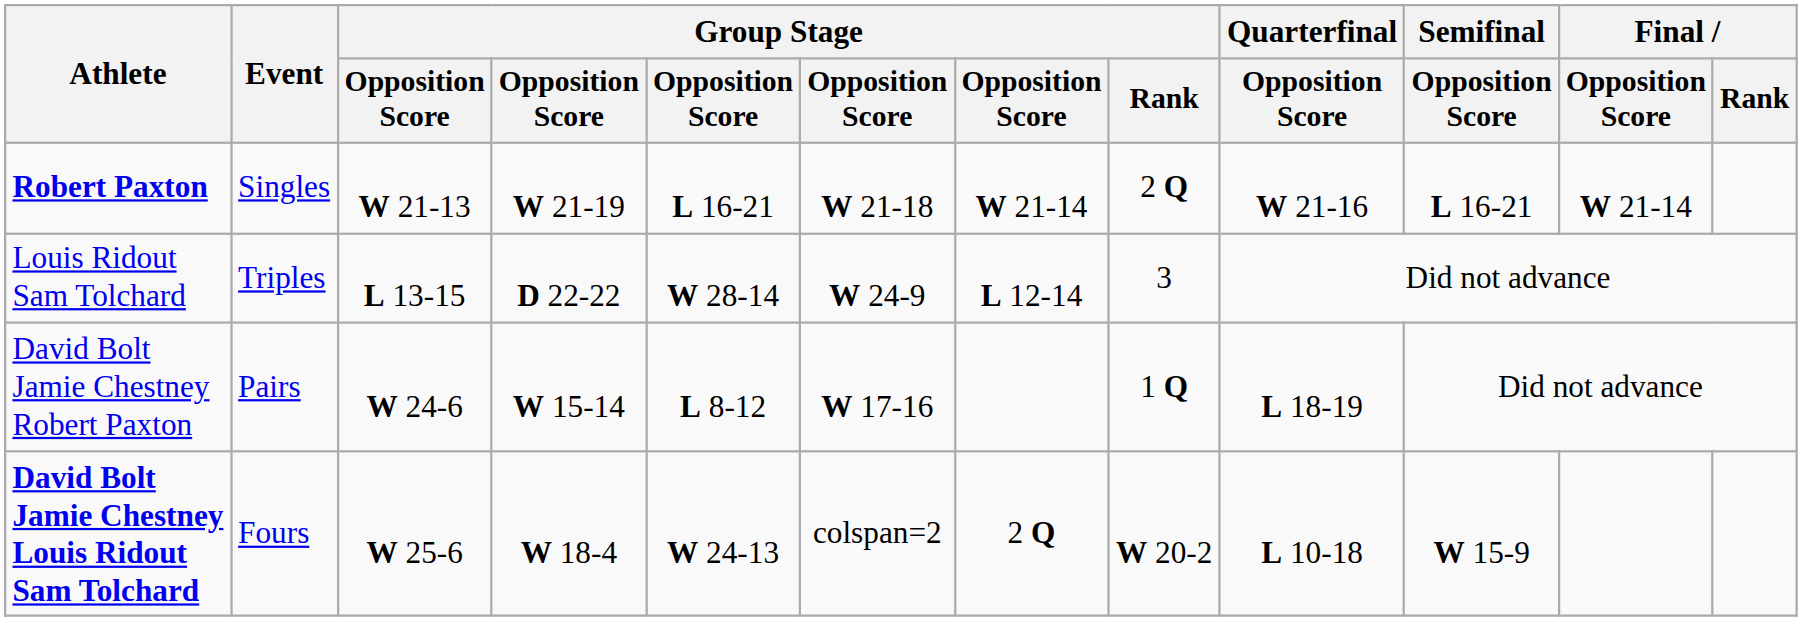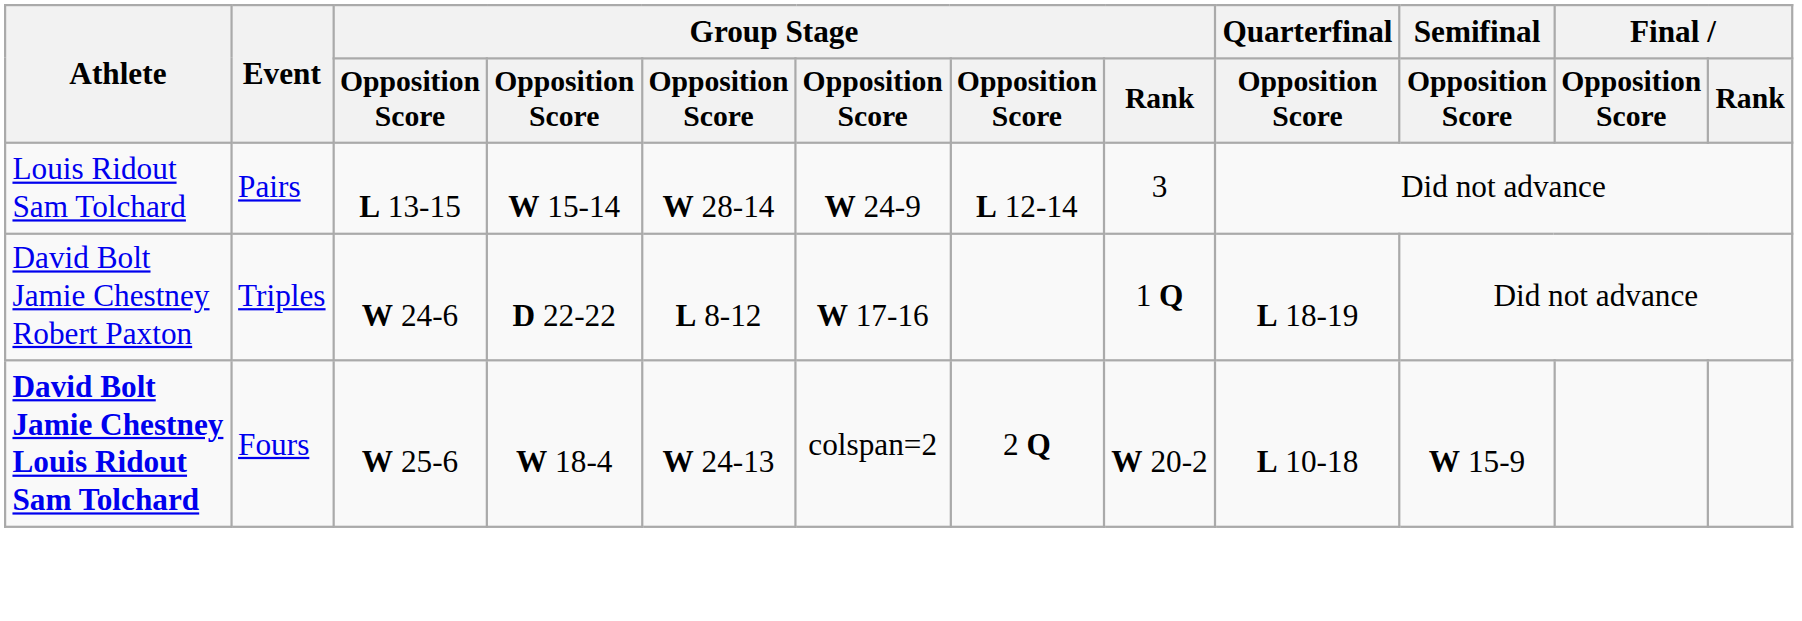 <table class="wikitable" style="font-size:88%">
 <tr>
 <th rowspan=2>Athlete</th>
 <th rowspan=2>Event</th>
 <th colspan=6>Group Stage</th>
 <th>Quarterfinal</th>
 <th>Semifinal</th>
 <th colspan=2>Final / </th>
 </tr>
 <tr style="font-size:95%">
 <th>Opposition<br>Score</th>
 <th>Opposition<br>Score</th>
 <th>Opposition<br>Score</th>
 <th>Opposition<br>Score</th>
 <th>Opposition<br>Score</th>
 <th>Rank</th>
 <th>Opposition<br>Score</th>
 <th>Opposition<br>Score</th>
 <th>Opposition<br>Score</th>
 <th>Rank</th>
 </tr>
 <tr align=center>
-<td align=left><strong><a href='#'>Robert Paxton</a></strong></td>
-<td align=left><a href='#'>Singles</a></td>
-<td><br><strong>W</strong> 21-13</td>
-<td><br><strong>W</strong> 21-19</td>
-<td><br><strong>L</strong> 16-21</td>
-<td><br><strong>W</strong> 21-18</td>
-<td><br><strong>W</strong> 21-14</td>
-<td>2 <strong>Q</strong></td>
-<td><br><strong>W</strong> 21-16</td>
-<td><br><strong>L</strong> 16-21</td>
-<td><br><strong>W</strong> 21-14</td>
-<td></td>
-</tr>
-<tr align=center>
 <td align=left><a href='#'>Louis Ridout</a><br><a href='#'>Sam Tolchard</a></td>
-<td align=left><a href='#'>Triples</a></td>
+<td align=left><a href='#'>Pairs</a></td>
 <td><br><strong>L</strong> 13-15</td>
-<td><br><strong>D</strong> 22-22</td>
+<td><br><strong>W</strong> 15-14</td>
 <td><br><strong>W</strong> 28-14</td>
 <td><br><strong>W</strong> 24-9</td>
 <td><br><strong>L</strong> 12-14</td>
 <td>3</td>
 <td colspan=4>Did not advance</td>
 </tr>
 <tr align=center>
 <td align=left><a href='#'>David Bolt</a><br><a href='#'>Jamie Chestney</a><br><a href='#'>Robert Paxton</a></td>
-<td align=left><a href='#'>Pairs</a></td>
+<td align=left><a href='#'>Triples</a></td>
 <td><br><strong>W</strong> 24-6</td>
-<td><br><strong>W</strong> 15-14</td>
+<td><br><strong>D</strong> 22-22</td>
 <td><br><strong>L</strong> 8-12</td>
 <td><br><strong>W</strong> 17-16</td>
 <td></td>
 <td>1 <strong>Q</strong></td>
 <td><br><strong>L</strong> 18-19</td>
 <td colspan=3>Did not advance</td>
 </tr>
 <tr align=center>
 <td align=left><strong><a href='#'>David Bolt</a></strong><br><strong><a href='#'>Jamie Chestney</a></strong><br><strong><a href='#'>Louis Ridout</a></strong><br><strong><a href='#'>Sam Tolchard</a></strong></td>
 <td align=left><a href='#'>Fours</a></td>
 <td><br><strong>W</strong> 25-6</td>
 <td><br><strong>W</strong> 18-4</td>
 <td><br><strong>W</strong> 24-13</td>
 <td>colspan=2 </td>
 <td>2 <strong>Q</strong></td>
 <td><br><strong>W</strong> 20-2</td>
 <td><br><strong>L</strong> 10-18</td>
 <td><br><strong>W</strong> 15-9</td>
 <td></td>
 </tr>
 </table>
